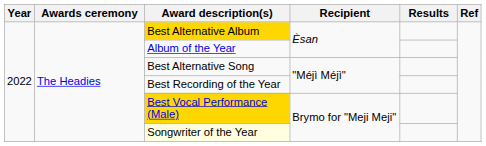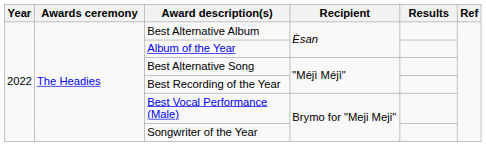 <table class="wikitable">
 <tr>
 <th>Year</th>
 <th style="width:150px;">Awards ceremony</th>
 <th style="width:200px;">Award description(s)</th>
 <th style="width:150px;">Recipient</th>
 <th style="width:75px;">Results</th>
 <th>Ref</th>
 </tr>
 <tr>
 <td rowspan="6">2022</td>
 <td rowspan="6"><a href='#'>The Headies</a></td>
-<td style="background: gold;">Best Alternative Album</td>
+<td>Best Alternative Album</td>
 <td rowspan="2"><em>Èsan</em></td>
 <td></td>
 <td rowspan="6"></td>
 </tr>
 <tr>
 <td><a href='#'>Album of the Year</a></td>
 <td></td>
 </tr>
 <tr>
 <td>Best Alternative Song</td>
 <td rowspan="2">"Méjì Méjì"</td>
 <td></td>
 </tr>
 <tr>
 <td>Best Recording of the Year</td>
 <td></td>
 </tr>
 <tr>
-<td style="background: gold;"><a href='#'>Best Vocal Performance (Male)</a></td>
+<td><a href='#'>Best Vocal Performance (Male)</a></td>
 <td rowspan="2">Brymo for "Meji Meji"</td>
 <td></td>
 </tr>
 <tr>
-<td style="background: lightyellow;">Songwriter of the Year</td>
+<td>Songwriter of the Year</td>
 <td></td>
 </tr>
 </table>
